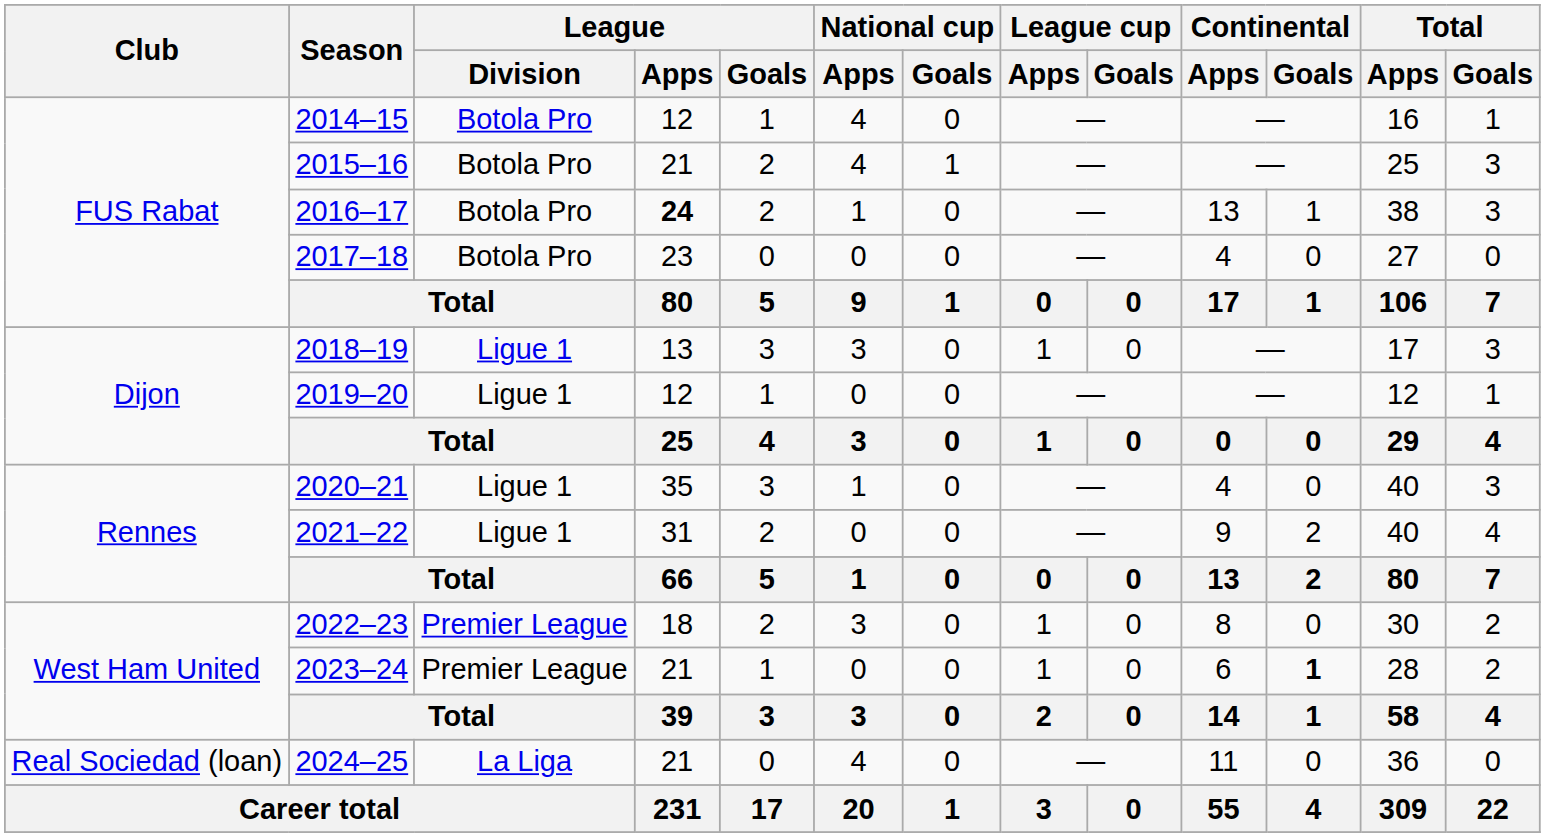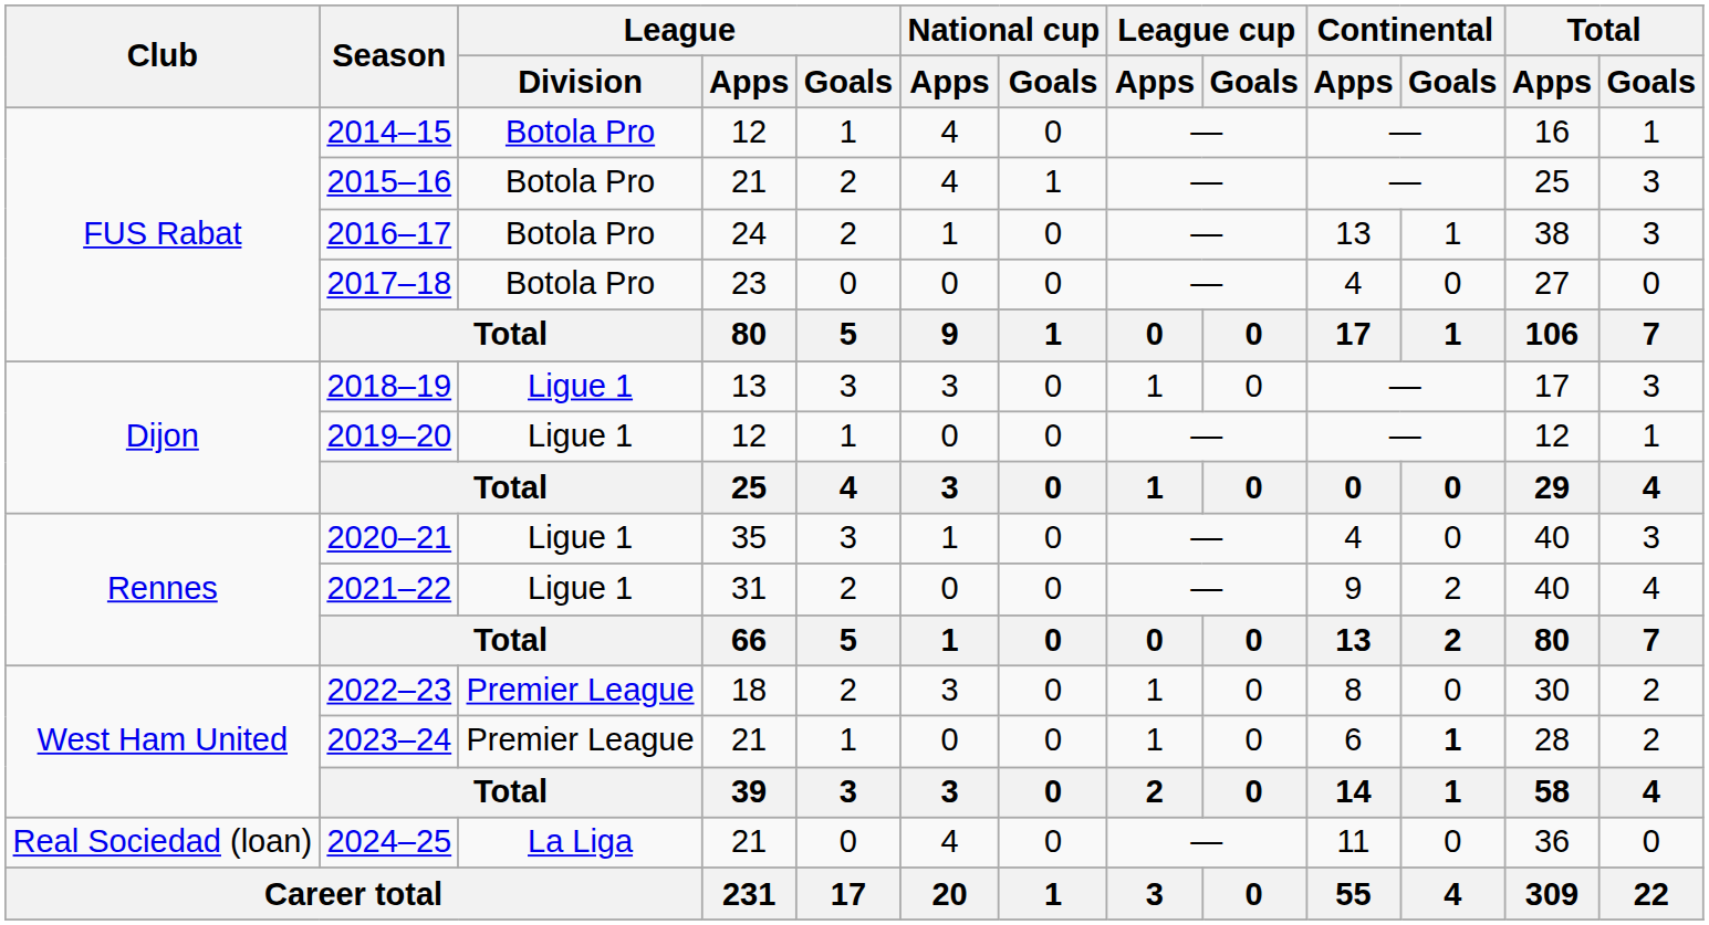 <table class=wikitable style=text-align:center>
 <tr>
 <th rowspan=2>Club</th>
 <th rowspan=2>Season</th>
 <th colspan=3>League</th>
 <th colspan=2>National cup</th>
 <th colspan=2>League cup</th>
 <th colspan=2>Continental</th>
 <th colspan=2>Total</th>
 </tr>
 <tr>
 <th>Division</th>
 <th>Apps</th>
 <th>Goals</th>
 <th>Apps</th>
 <th>Goals</th>
 <th>Apps</th>
 <th>Goals</th>
 <th>Apps</th>
 <th>Goals</th>
 <th>Apps</th>
 <th>Goals</th>
 </tr>
 <tr>
 <td rowspan=5><a href='#'>FUS Rabat</a></td>
 <td><a href='#'>2014–15</a></td>
 <td><a href='#'>Botola Pro</a></td>
 <td>12</td>
 <td>1</td>
 <td>4</td>
 <td>0</td>
 <td colspan=2>—</td>
 <td colspan=2>—</td>
 <td>16</td>
 <td>1</td>
 </tr>
 <tr>
 <td><a href='#'>2015–16</a></td>
 <td>Botola Pro</td>
 <td>21</td>
 <td>2</td>
 <td>4</td>
 <td>1</td>
 <td colspan=2>—</td>
 <td colspan=2>—</td>
 <td>25</td>
 <td>3</td>
 </tr>
 <tr>
 <td><a href='#'>2016–17</a></td>
 <td>Botola Pro</td>
-<td><strong>24</strong></td>
+<td>24</td>
 <td>2</td>
 <td>1</td>
 <td>0</td>
 <td colspan=2>—</td>
 <td>13</td>
 <td>1</td>
 <td>38</td>
 <td>3</td>
 </tr>
 <tr>
 <td><a href='#'>2017–18</a></td>
 <td>Botola Pro</td>
 <td>23</td>
 <td>0</td>
 <td>0</td>
 <td>0</td>
 <td colspan=2>—</td>
 <td>4</td>
 <td>0</td>
 <td>27</td>
 <td>0</td>
 </tr>
 <tr>
 <th colspan=2>Total</th>
 <th>80</th>
 <th>5</th>
 <th>9</th>
 <th>1</th>
 <th>0</th>
 <th>0</th>
 <th>17</th>
 <th>1</th>
 <th>106</th>
 <th>7</th>
 </tr>
 <tr>
 <td rowspan=3><a href='#'>Dijon</a></td>
 <td><a href='#'>2018–19</a></td>
 <td><a href='#'>Ligue 1</a></td>
 <td>13</td>
 <td>3</td>
 <td>3</td>
 <td>0</td>
 <td>1</td>
 <td>0</td>
 <td colspan=2>—</td>
 <td>17</td>
 <td>3</td>
 </tr>
 <tr>
 <td><a href='#'>2019–20</a></td>
 <td>Ligue 1</td>
 <td>12</td>
 <td>1</td>
 <td>0</td>
 <td>0</td>
 <td colspan=2>—</td>
 <td colspan=2>—</td>
 <td>12</td>
 <td>1</td>
 </tr>
 <tr>
 <th colspan=2>Total</th>
 <th>25</th>
 <th>4</th>
 <th>3</th>
 <th>0</th>
 <th>1</th>
 <th>0</th>
 <th>0</th>
 <th>0</th>
 <th>29</th>
 <th>4</th>
 </tr>
 <tr>
 <td rowspan=3><a href='#'>Rennes</a></td>
 <td><a href='#'>2020–21</a></td>
 <td>Ligue 1</td>
 <td>35</td>
 <td>3</td>
 <td>1</td>
 <td>0</td>
 <td colspan=2>—</td>
 <td>4</td>
 <td>0</td>
 <td>40</td>
 <td>3</td>
 </tr>
 <tr>
 <td><a href='#'>2021–22</a></td>
 <td>Ligue 1</td>
 <td>31</td>
 <td>2</td>
 <td>0</td>
 <td>0</td>
 <td colspan=2>—</td>
 <td>9</td>
 <td>2</td>
 <td>40</td>
 <td>4</td>
 </tr>
 <tr>
 <th colspan=2>Total</th>
 <th>66</th>
 <th>5</th>
 <th>1</th>
 <th>0</th>
 <th>0</th>
 <th>0</th>
 <th>13</th>
 <th>2</th>
 <th>80</th>
 <th>7</th>
 </tr>
 <tr>
 <td rowspan=3><a href='#'>West Ham United</a></td>
 <td><a href='#'>2022–23</a></td>
 <td><a href='#'>Premier League</a></td>
 <td>18</td>
 <td>2</td>
 <td>3</td>
 <td>0</td>
 <td>1</td>
 <td>0</td>
 <td>8</td>
 <td>0</td>
 <td>30</td>
 <td>2</td>
 </tr>
 <tr>
 <td><a href='#'>2023–24</a></td>
 <td>Premier League</td>
 <td>21</td>
 <td>1</td>
 <td>0</td>
 <td>0</td>
 <td>1</td>
 <td>0</td>
 <td>6</td>
 <td><strong>1</strong></td>
 <td>28</td>
 <td>2</td>
 </tr>
 <tr>
 <th colspan=2>Total</th>
 <th>39</th>
 <th>3</th>
 <th>3</th>
 <th>0</th>
 <th>2</th>
 <th>0</th>
 <th>14</th>
 <th>1</th>
 <th>58</th>
 <th>4</th>
 </tr>
 <tr>
 <td><a href='#'>Real Sociedad</a> (loan)</td>
 <td><a href='#'>2024–25</a></td>
 <td><a href='#'>La Liga</a></td>
 <td>21</td>
 <td>0</td>
 <td>4</td>
 <td>0</td>
 <td colspan="2">—</td>
 <td>11</td>
 <td>0</td>
 <td>36</td>
 <td>0</td>
 </tr>
 <tr>
 <th colspan=3>Career total</th>
 <th>231</th>
 <th>17</th>
 <th>20</th>
 <th>1</th>
 <th>3</th>
 <th>0</th>
 <th>55</th>
 <th>4</th>
 <th>309</th>
 <th>22</th>
 </tr>
 </table>
